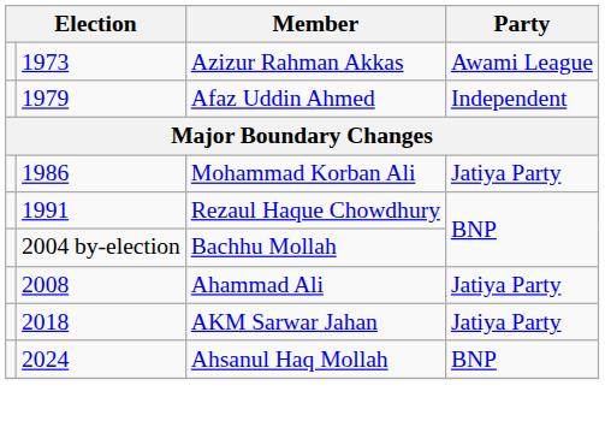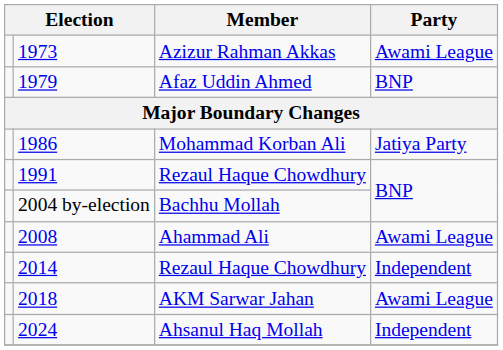 <table class="wikitable">
 <tr>
 <th colspan="2">Election</th>
 <th>Member</th>
 <th>Party</th>
 </tr>
 <tr>
 <td style="background-color:"></td>
 <td><a href='#'>1973</a></td>
 <td><a href='#'>Azizur Rahman Akkas</a></td>
 <td><a href='#'>Awami League</a></td>
 </tr>
 <tr>
 <td style="background-color:"></td>
 <td><a href='#'>1979</a></td>
 <td><a href='#'>Afaz Uddin Ahmed</a></td>
-<td><a href='#'>Independent</a></td>
+<td><a href='#'>BNP</a></td>
 </tr>
 <tr>
 <th colspan="4">Major Boundary Changes</th>
 </tr>
 <tr>
 <td style="background-color:"></td>
 <td><a href='#'>1986</a></td>
 <td><a href='#'>Mohammad Korban Ali</a></td>
 <td><a href='#'>Jatiya Party</a></td>
 </tr>
 <tr>
 <td style="background-color:"></td>
 <td><a href='#'>1991</a></td>
 <td><a href='#'>Rezaul Haque Chowdhury</a></td>
 <td rowspan="2"><a href='#'>BNP</a></td>
 </tr>
 <tr>
 <td style="background-color:"></td>
 <td>2004 by-election</td>
 <td><a href='#'>Bachhu Mollah</a></td>
 </tr>
 <tr>
 <td style="background-color:"></td>
 <td><a href='#'>2008</a></td>
 <td><a href='#'>Ahammad Ali</a></td>
-<td><a href='#'>Jatiya Party</a></td>
+<td><a href='#'>Awami League</a></td>
+</tr>
+<tr>
+<td style="background-color:"></td>
+<td><a href='#'>2014</a></td>
+<td><a href='#'>Rezaul Haque Chowdhury</a></td>
+<td><a href='#'>Independent</a></td>
 </tr>
 <tr>
 <td style="background-color:"></td>
 <td><a href='#'>2018</a></td>
 <td><a href='#'>AKM Sarwar Jahan</a></td>
-<td><a href='#'>Jatiya Party</a></td>
+<td><a href='#'>Awami League</a></td>
 </tr>
 <tr>
 <td style="background-color:"></td>
 <td><a href='#'>2024</a></td>
 <td><a href='#'>Ahsanul Haq Mollah</a></td>
-<td><a href='#'>BNP</a></td>
+<td><a href='#'>Independent</a></td>
 </tr>
 <tr>
 </tr>
 </table>
